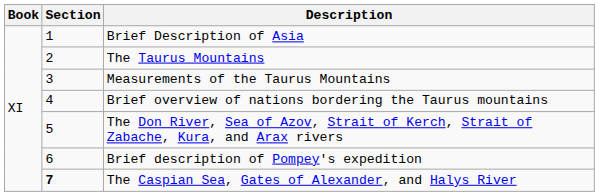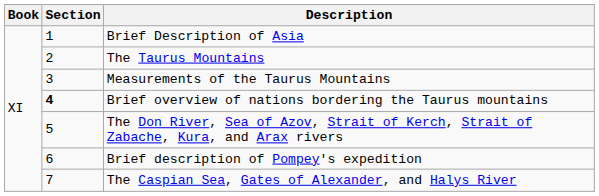 <table class="wikitable" style="max-width:45em;">
 <tr>
 <th>Book</th>
 <th>Section</th>
 <th>Description</th>
 </tr>
 <tr>
 <td rowspan="7">XI</td>
 <td>1</td>
 <td>Brief Description of <a href='#'>Asia</a></td>
 </tr>
 <tr>
 <td>2</td>
 <td>The <a href='#'>Taurus Mountains</a></td>
 </tr>
 <tr>
 <td>3</td>
 <td>Measurements of the Taurus Mountains</td>
 </tr>
 <tr>
-<td>4</td>
+<td><strong>4</strong></td>
 <td>Brief overview of nations bordering the Taurus mountains</td>
 </tr>
 <tr>
 <td>5</td>
 <td>The <a href='#'>Don River</a>, <a href='#'>Sea of Azov</a>, <a href='#'>Strait of Kerch</a>, <a href='#'>Strait of Zabache</a>, <a href='#'>Kura</a>, and <a href='#'>Arax</a> rivers</td>
 </tr>
 <tr>
 <td>6</td>
 <td>Brief description of <a href='#'>Pompey</a>'s expedition</td>
 </tr>
 <tr>
-<td><strong>7</strong></td>
+<td>7</td>
 <td>The <a href='#'>Caspian Sea</a>, <a href='#'>Gates of Alexander</a>, and <a href='#'>Halys River</a></td>
 </tr>
 </table>
